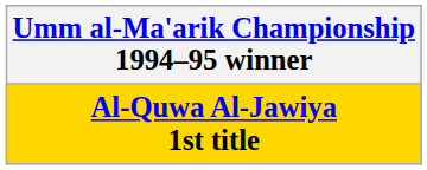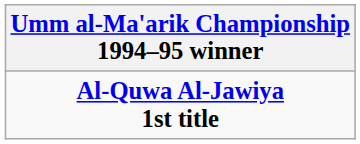 <table class="wikitable" style="text-align: center; margin: 0 auto;">
 <tr>
 <th><a href='#'>Umm al-Ma'arik Championship</a><br>1994–95 winner</th>
 </tr>
 <tr>
-<td style="background: gold;"><strong><a href='#'>Al-Quwa Al-Jawiya</a></strong><br><strong>1st title</strong></td>
+<td><strong><a href='#'>Al-Quwa Al-Jawiya</a></strong><br><strong>1st title</strong></td>
 </tr>
 </table>
